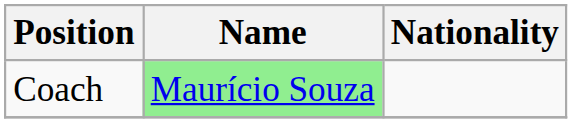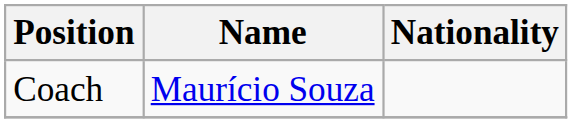 <table class="wikitable sortable">
 <tr>
 <th>Position</th>
 <th>Name</th>
 <th>Nationality</th>
 </tr>
 <tr>
 <td>Coach</td>
-<td style="background: lightgreen;"><a href='#'>Maurício Souza</a></td>
+<td><a href='#'>Maurício Souza</a></td>
 <td></td>
 </tr>
 <tr>
 </tr>
 </table>
